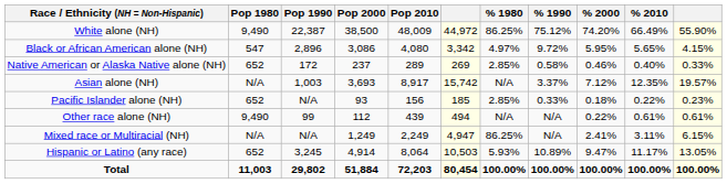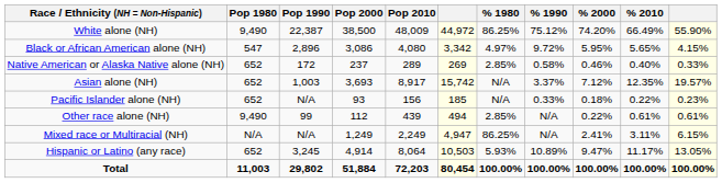 <table class="wikitable" style="text-align:center;">
 <tr>
 <th>Race / Ethnicity <small>(<em>NH = Non-Hispanic</em>)</small></th>
 <th>Pop 1980</th>
 <th>Pop 1990</th>
 <th>Pop 2000</th>
 <th>Pop 2010</th>
 <th></th>
 <th>% 1980</th>
 <th>% 1990</th>
 <th>% 2000</th>
 <th>% 2010</th>
 <th></th>
 </tr>
 <tr>
 <td><a href='#'>White</a> alone (NH)</td>
 <td>9,490</td>
 <td>22,387</td>
 <td>38,500</td>
 <td>48,009</td>
 <td style='background: #ffffe6;'>44,972</td>
 <td>86.25%</td>
 <td>75.12%</td>
 <td>74.20%</td>
 <td>66.49%</td>
 <td style='background: #ffffe6;'>55.90%</td>
 </tr>
 <tr>
 <td><a href='#'>Black or African American</a> alone (NH)</td>
 <td>547</td>
 <td>2,896</td>
 <td>3,086</td>
 <td>4,080</td>
 <td style='background: #ffffe6;'>3,342</td>
 <td>4.97%</td>
 <td>9.72%</td>
 <td>5.95%</td>
 <td>5.65%</td>
 <td style='background: #ffffe6;'>4.15%</td>
 </tr>
 <tr>
 <td><a href='#'>Native American</a> or <a href='#'>Alaska Native</a> alone (NH)</td>
 <td>652</td>
 <td>172</td>
 <td>237</td>
 <td>289</td>
 <td style='background: #ffffe6;'>269</td>
 <td>2.85%</td>
 <td>0.58%</td>
 <td>0.46%</td>
 <td>0.40%</td>
 <td style='background: #ffffe6;'>0.33%</td>
 </tr>
 <tr>
 <td><a href='#'>Asian</a> alone (NH)</td>
-<td>N/A</td>
+<td>652</td>
 <td>1,003</td>
 <td>3,693</td>
 <td>8,917</td>
 <td style='background: #ffffe6;'>15,742</td>
 <td>N/A</td>
 <td>3.37%</td>
 <td>7.12%</td>
 <td>12.35%</td>
 <td style='background: #ffffe6;'>19.57%</td>
 </tr>
 <tr>
 <td><a href='#'>Pacific Islander</a> alone (NH)</td>
 <td>652</td>
 <td>N/A</td>
 <td>93</td>
 <td>156</td>
 <td style='background: #ffffe6;'>185</td>
-<td>2.85%</td>
+<td>N/A</td>
 <td>0.33%</td>
 <td>0.18%</td>
 <td>0.22%</td>
 <td style='background: #ffffe6;'>0.23%</td>
 </tr>
 <tr>
 <td><a href='#'>Other race</a> alone (NH)</td>
 <td>9,490</td>
 <td>99</td>
 <td>112</td>
 <td>439</td>
 <td style='background: #ffffe6;'>494</td>
-<td>N/A</td>
+<td>2.85%</td>
 <td>N/A</td>
 <td>0.22%</td>
 <td>0.61%</td>
 <td style='background: #ffffe6;'>0.61%</td>
 </tr>
 <tr>
 <td><a href='#'>Mixed race or Multiracial</a> (NH)</td>
 <td>N/A</td>
 <td>N/A</td>
 <td>1,249</td>
 <td>2,249</td>
 <td style='background: #ffffe6;'>4,947</td>
 <td>86.25%</td>
 <td>N/A</td>
 <td>2.41%</td>
 <td>3.11%</td>
 <td style='background: #ffffe6;'>6.15%</td>
 </tr>
 <tr>
 <td><a href='#'>Hispanic or Latino</a> (any race)</td>
 <td>652</td>
 <td>3,245</td>
 <td>4,914</td>
 <td>8,064</td>
 <td style='background: #ffffe6;'>10,503</td>
 <td>5.93%</td>
 <td>10.89%</td>
 <td>9.47%</td>
 <td>11.17%</td>
 <td style='background: #ffffe6;'>13.05%</td>
 </tr>
 <tr>
 <td><strong>Total</strong></td>
 <td><strong>11,003</strong></td>
 <td><strong>29,802</strong></td>
 <td><strong>51,884</strong></td>
 <td><strong>72,203</strong></td>
 <td style='background: #ffffe6;'><strong>80,454</strong></td>
 <td><strong>100.00%</strong></td>
 <td><strong>100.00%</strong></td>
 <td><strong>100.00%</strong></td>
 <td><strong>100.00%</strong></td>
 <td style='background: #ffffe6;'><strong>100.00%</strong></td>
 </tr>
 </table>
